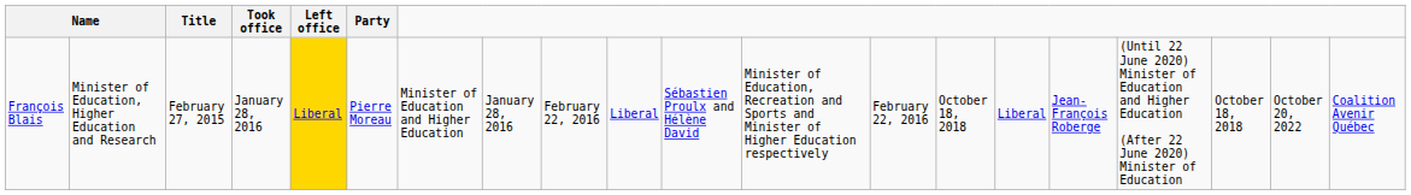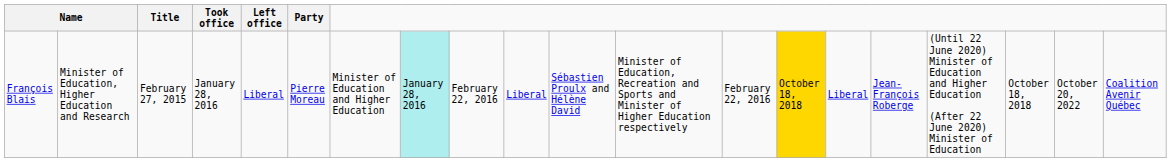 <table class="wikitable">
 <tr>
 <th colspan="2">Name</th>
 <th>Title</th>
 <th>Took office</th>
 <th>Left office</th>
 <th>Party</th>
 </tr>
 <tr>
 <td><a href='#'>François Blais</a></td>
 <td>Minister of Education, Higher Education and Research</td>
 <td>February 27, 2015</td>
 <td>January 28, 2016</td>
-<td style="background: gold;"><a href='#'>Liberal</a><br></td>
+<td><a href='#'>Liberal</a><br></td>
 <td><a href='#'>Pierre Moreau</a></td>
 <td>Minister of Education and Higher Education</td>
-<td>January 28, 2016</td>
+<td style="background: paleturquoise;">January 28, 2016</td>
 <td>February 22, 2016</td>
 <td><a href='#'>Liberal</a><br></td>
 <td><a href='#'>Sébastien Proulx</a> and <a href='#'>Hélène David</a></td>
 <td>Minister of Education, Recreation and Sports and Minister of Higher Education respectively</td>
 <td>February 22, 2016</td>
-<td>October 18, 2018</td>
+<td style="background: gold;">October 18, 2018</td>
 <td><a href='#'>Liberal</a><br></td>
 <td><a href='#'>Jean-François Roberge</a></td>
 <td>(Until 22 June 2020) Minister of Education and Higher Education <br><br>(After 22 June 2020) Minister of Education</td>
 <td>October 18, 2018</td>
 <td>October 20, 2022</td>
 <td><a href='#'>Coalition Avenir Québec</a></td>
 </tr>
 </table>
